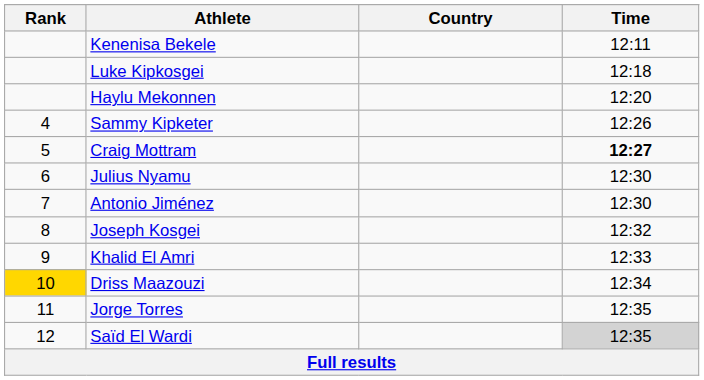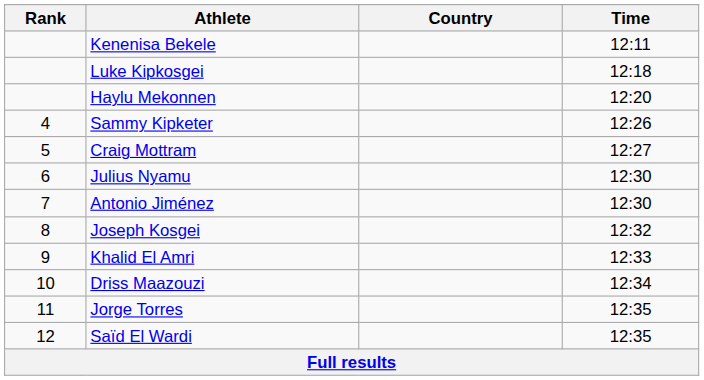 <table class="wikitable sortable" style=" text-align:center; font-size:95%;" width="50%">
 <tr>
 </tr>
 <tr>
 <th width=5%>Rank</th>
 <th width=20%>Athlete</th>
 <th width=15%>Country</th>
 <th width=10%>Time</th>
 </tr>
 <tr>
 <td align=center></td>
 <td align=left><a href='#'>Kenenisa Bekele</a></td>
 <td align=left></td>
 <td>12:11</td>
 </tr>
 <tr>
 <td align=center></td>
 <td align=left><a href='#'>Luke Kipkosgei</a></td>
 <td align=left></td>
 <td>12:18</td>
 </tr>
 <tr>
 <td align=center></td>
 <td align=left><a href='#'>Haylu Mekonnen</a></td>
 <td align=left></td>
 <td>12:20</td>
 </tr>
 <tr>
 <td align=center>4</td>
 <td align=left><a href='#'>Sammy Kipketer</a></td>
 <td align=left></td>
 <td>12:26</td>
 </tr>
 <tr>
 <td align=center>5</td>
 <td align=left><a href='#'>Craig Mottram</a></td>
 <td align=left></td>
-<td><strong>12:27</strong></td>
+<td>12:27</td>
 </tr>
 <tr>
 <td align=center>6</td>
 <td align=left><a href='#'>Julius Nyamu</a></td>
 <td align=left></td>
 <td>12:30</td>
 </tr>
 <tr>
 <td align=center>7</td>
 <td align=left><a href='#'>Antonio Jiménez</a></td>
 <td align=left></td>
 <td>12:30</td>
 </tr>
 <tr>
 <td align=center>8</td>
 <td align=left><a href='#'>Joseph Kosgei</a></td>
 <td align=left></td>
 <td>12:32</td>
 </tr>
 <tr>
 <td align=center>9</td>
 <td align=left><a href='#'>Khalid El Amri</a></td>
 <td align=left></td>
 <td>12:33</td>
 </tr>
 <tr>
-<td align=center style="background: gold;">10</td>
+<td align=center>10</td>
 <td align=left><a href='#'>Driss Maazouzi</a></td>
 <td align=left></td>
 <td>12:34</td>
 </tr>
 <tr>
 <td align=center>11</td>
 <td align=left><a href='#'>Jorge Torres</a></td>
 <td align=left></td>
 <td>12:35</td>
 </tr>
 <tr>
 <td align=center>12</td>
 <td align=left><a href='#'>Saïd El Wardi</a></td>
 <td align=left></td>
-<td style="background: lightgrey;">12:35</td>
+<td>12:35</td>
 </tr>
 <tr class="sortbottom">
 <th colspan=4 align=center><a href='#'>Full results</a></th>
 </tr>
 </table>
